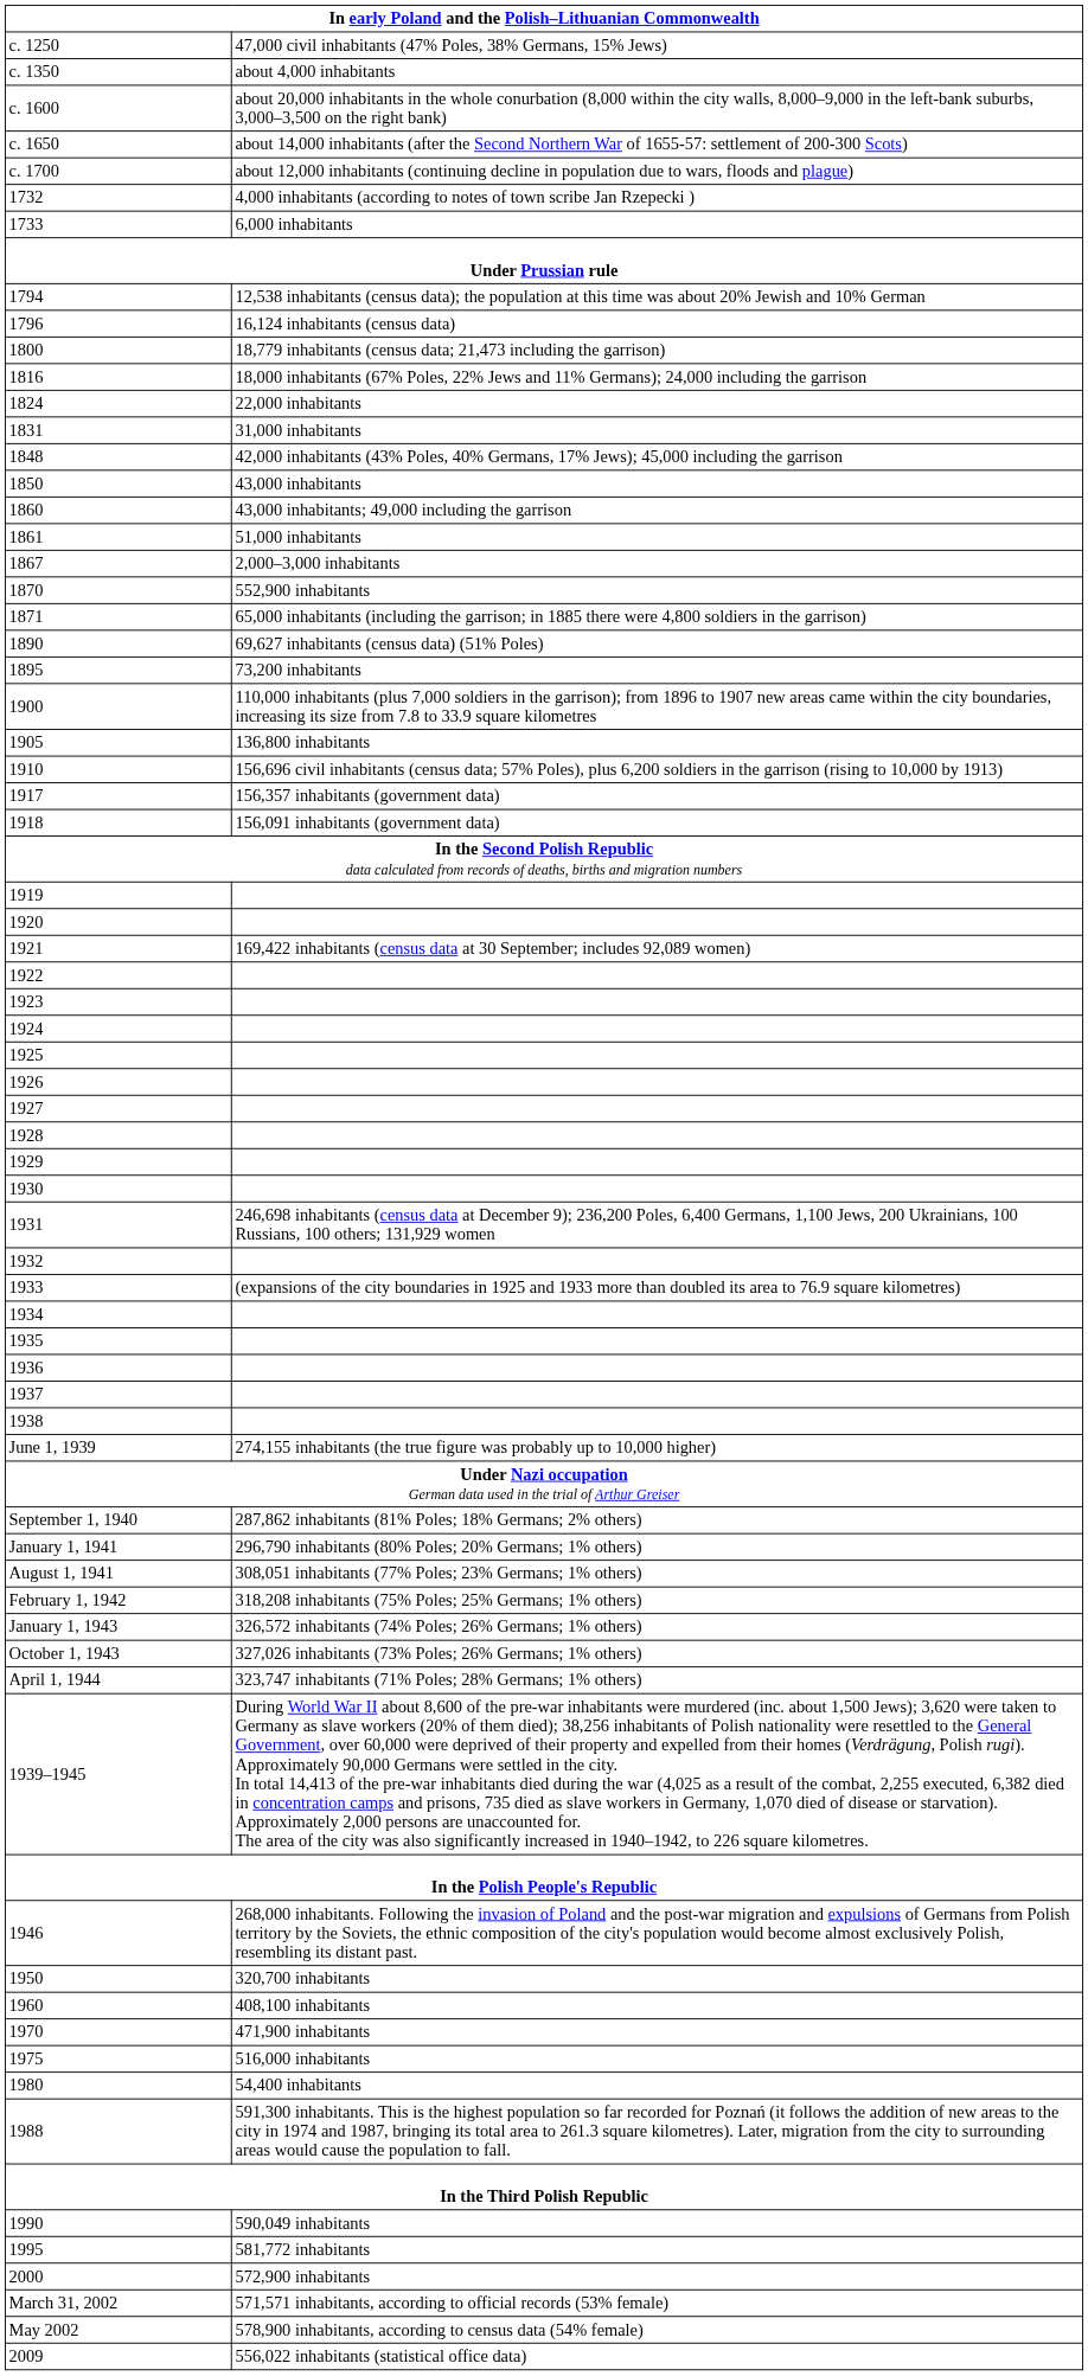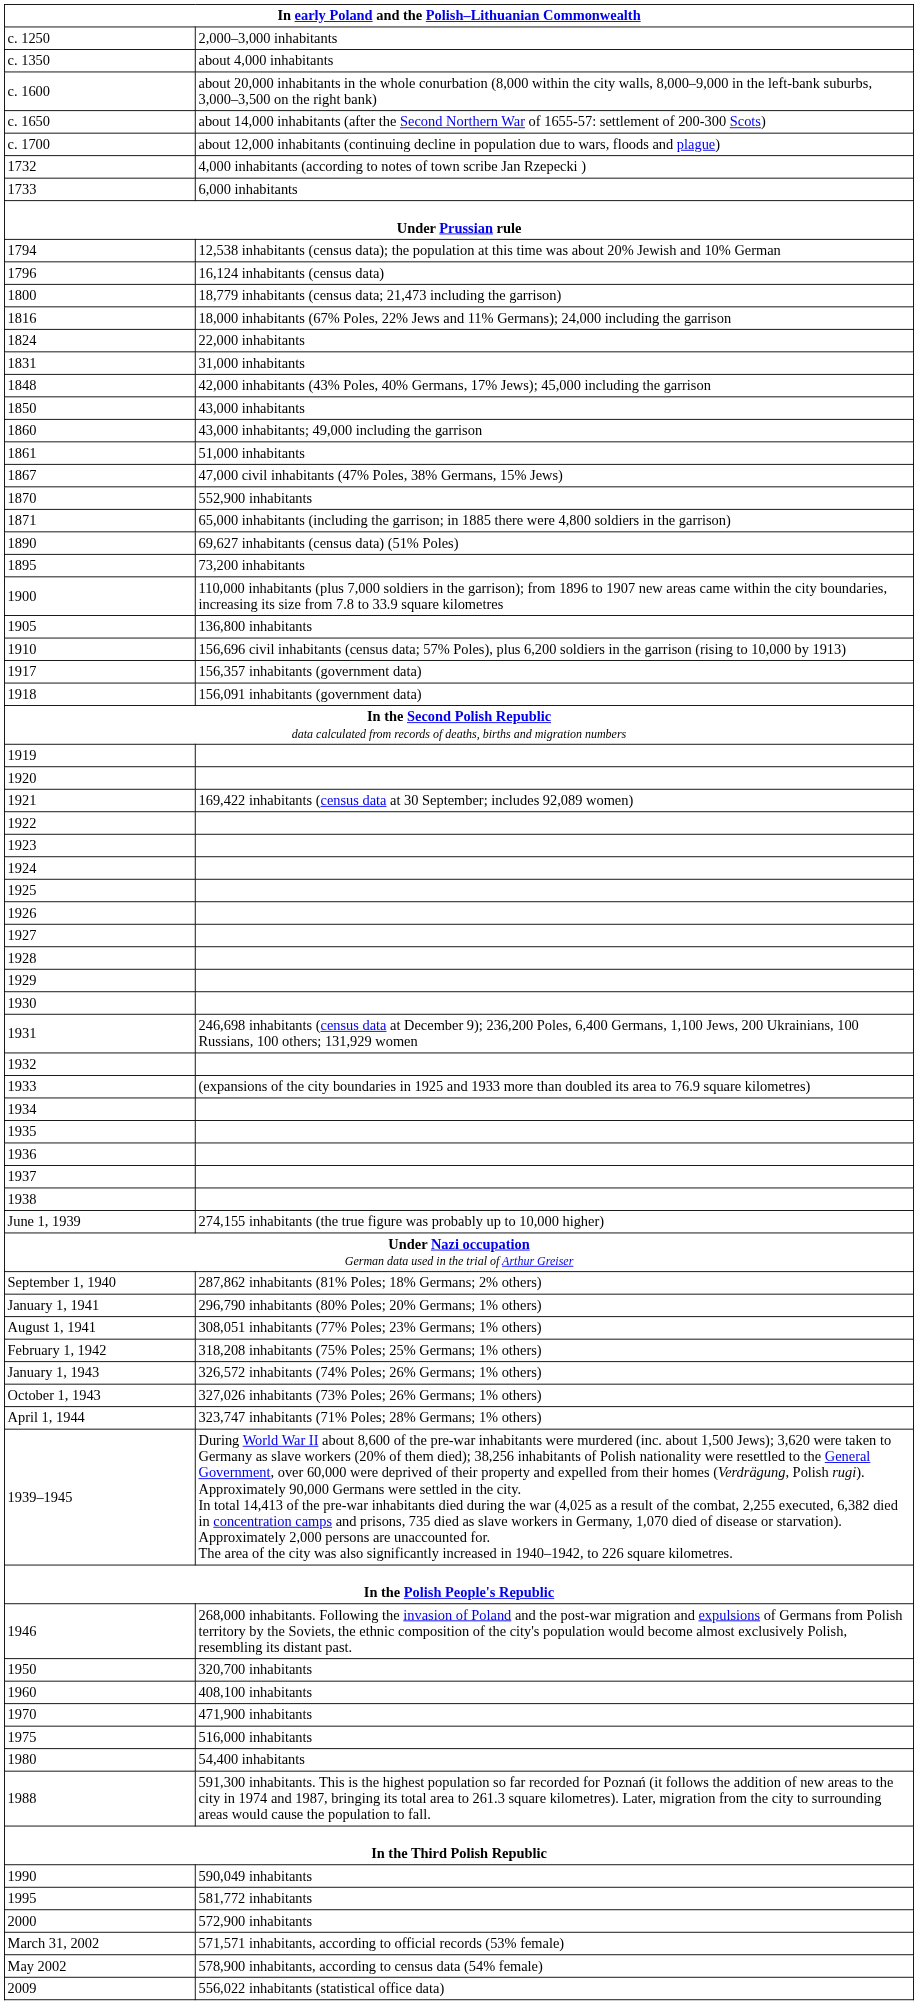 <table style="border: 1px black solid; border-collapse: collapse;" rules=all cellspacing=0 cellpadding=3 width="80%">
 <tr>
 <td width="100%" colspan="2" style="text-align: center;"><strong>In <a href='#'>early Poland</a> and the <a href='#'>Polish–Lithuanian Commonwealth</a></strong></td>
 </tr>
 <tr>
 <td width="21%">c. 1250</td>
-<td width="79%">47,000 civil inhabitants (47% Poles, 38% Germans, 15% Jews)</td>
+<td width="79%">2,000–3,000 inhabitants</td>
 </tr>
 <tr>
 <td width="21%">c. 1350</td>
 <td width="79%">about 4,000 inhabitants</td>
 </tr>
 <tr>
 <td width="21%">c. 1600</td>
 <td width="79%">about 20,000 inhabitants in the whole conurbation (8,000 within the city walls, 8,000–9,000 in the left-bank suburbs, 3,000–3,500 on the right bank)</td>
 </tr>
 <tr>
 <td width="21%">c. 1650</td>
 <td width="79%">about 14,000 inhabitants (after the <a href='#'>Second Northern War</a> of 1655-57: settlement of 200-300 <a href='#'>Scots</a>)</td>
 </tr>
 <tr>
 <td width="21%">c. 1700</td>
 <td width="79%">about 12,000 inhabitants (continuing decline in population due to wars, floods and <a href='#'>plague</a>)</td>
 </tr>
 <tr>
 <td width="21%">1732</td>
 <td width="79%">4,000 inhabitants (according to notes of town scribe Jan Rzepecki )</td>
 </tr>
 <tr>
 <td width="21%">1733</td>
 <td width="79%">6,000 inhabitants</td>
 </tr>
 <tr>
 <td width="100%" colspan="2" style="text-align: center;"><br><strong>Under <a href='#'>Prussian</a> rule</strong></td>
 </tr>
 <tr>
 <td width="21%">1794</td>
 <td width="79%">12,538 inhabitants (census data); the population at this time was about 20% Jewish and 10% German</td>
 </tr>
 <tr>
 <td width="21%">1796</td>
 <td width="79%">16,124 inhabitants (census data)</td>
 </tr>
 <tr>
 <td width="21%">1800</td>
 <td width="79%">18,779 inhabitants (census data; 21,473 including the garrison)</td>
 </tr>
 <tr>
 <td width="21%">1816</td>
 <td width="79%">18,000 inhabitants (67% Poles, 22% Jews and 11% Germans); 24,000 including the garrison</td>
 </tr>
 <tr>
 <td width="21%">1824</td>
 <td width="79%">22,000 inhabitants</td>
 </tr>
 <tr>
 <td width="21%">1831</td>
 <td width="79%">31,000 inhabitants</td>
 </tr>
 <tr>
 <td width="21%">1848</td>
 <td width="79%">42,000 inhabitants (43% Poles, 40% Germans, 17% Jews); 45,000 including the garrison</td>
 </tr>
 <tr>
 <td width="21%">1850</td>
 <td width="79%">43,000 inhabitants</td>
 </tr>
 <tr>
 <td width="21%">1860</td>
 <td width="79%">43,000 inhabitants; 49,000 including the garrison</td>
 </tr>
 <tr>
 <td width="21%">1861</td>
 <td width="79%">51,000 inhabitants</td>
 </tr>
 <tr>
 <td width="21%">1867</td>
-<td width="79%">2,000–3,000 inhabitants</td>
+<td width="79%">47,000 civil inhabitants (47% Poles, 38% Germans, 15% Jews)</td>
 </tr>
 <tr>
 <td width="21%">1870</td>
 <td width="79%">552,900 inhabitants</td>
 </tr>
 <tr>
 <td width="21%">1871</td>
 <td width="79%">65,000 inhabitants (including the garrison; in 1885 there were 4,800 soldiers in the garrison)</td>
 </tr>
 <tr>
 <td width="21%">1890</td>
 <td width="79%">69,627 inhabitants (census data) (51% Poles)</td>
 </tr>
 <tr>
 <td width="21%">1895</td>
 <td width="79%">73,200 inhabitants</td>
 </tr>
 <tr>
 <td width="21%">1900</td>
 <td width="79%">110,000 inhabitants (plus 7,000 soldiers in the garrison); from 1896 to 1907 new areas came within the city boundaries, increasing its size from 7.8 to 33.9 square kilometres</td>
 </tr>
 <tr>
 <td width="21%">1905</td>
 <td width="79%">136,800 inhabitants</td>
 </tr>
 <tr>
 <td width="21%">1910</td>
 <td width="79%">156,696 civil inhabitants (census data; 57% Poles), plus 6,200 soldiers in the garrison (rising to 10,000 by 1913)</td>
 </tr>
 <tr>
 <td width="21%">1917</td>
 <td width="79%">156,357 inhabitants (government data)</td>
 </tr>
 <tr>
 <td width="21%">1918</td>
 <td width="79%">156,091 inhabitants (government data)</td>
 </tr>
 <tr>
 <td width="100%" colspan="2" align="center"><strong>In the <a href='#'>Second Polish Republic</a></strong><br><small><em>data calculated from records of deaths, births and migration numbers</em></small></td>
 </tr>
 <tr>
 <td width="21%">1919</td>
 <td width="79%"></td>
 </tr>
 <tr>
 <td width="21%">1920</td>
 <td width="79%"></td>
 </tr>
 <tr>
 <td width="21%">1921</td>
 <td width="79%">169,422 inhabitants (<a href='#'>census data</a> at 30 September; includes 92,089 women)</td>
 </tr>
 <tr>
 <td width="21%">1922</td>
 <td width="79%"></td>
 </tr>
 <tr>
 <td width="21%">1923</td>
 <td width="79%"></td>
 </tr>
 <tr>
 <td width="21%">1924</td>
 <td width="79%"></td>
 </tr>
 <tr>
 <td width="21%">1925</td>
 <td width="79%"></td>
 </tr>
 <tr>
 <td width="21%">1926</td>
 <td width="79%"></td>
 </tr>
 <tr>
 <td width="21%">1927</td>
 <td width="79%"></td>
 </tr>
 <tr>
 <td width="21%">1928</td>
 <td width="79%"></td>
 </tr>
 <tr>
 <td width="21%">1929</td>
 <td width="79%"></td>
 </tr>
 <tr>
 <td width="21%">1930</td>
 <td width="79%"></td>
 </tr>
 <tr>
 <td width="21%">1931</td>
 <td width="79%">246,698 inhabitants (<a href='#'>census data</a> at December 9); 236,200 Poles, 6,400 Germans, 1,100 Jews, 200 Ukrainians, 100 Russians, 100 others; 131,929 women</td>
 </tr>
 <tr>
 <td width="21%">1932</td>
 <td width="79%"></td>
 </tr>
 <tr>
 <td width="21%">1933</td>
 <td width="79%"> (expansions of the city boundaries in 1925 and 1933 more than doubled its area to 76.9 square kilometres)</td>
 </tr>
 <tr>
 <td width="21%">1934</td>
 <td width="79%"></td>
 </tr>
 <tr>
 <td width="21%">1935</td>
 <td width="79%"></td>
 </tr>
 <tr>
 <td width="21%">1936</td>
 <td width="79%"></td>
 </tr>
 <tr>
 <td width="21%">1937</td>
 <td width="79%"></td>
 </tr>
 <tr>
 <td width="21%">1938</td>
 <td width="79%"></td>
 </tr>
 <tr>
 <td width="21%">June 1, 1939</td>
 <td width="79%">274,155 inhabitants (the true figure was probably up to 10,000 higher)</td>
 </tr>
 <tr>
 <td width="100%" colspan="2" align="center"><strong>Under <a href='#'> Nazi occupation</a></strong><br><small><em>German data used in the trial of <a href='#'>Arthur Greiser</a></em></small></td>
 </tr>
 <tr>
 <td width="21%">September 1, 1940</td>
 <td width="79%">287,862 inhabitants (81% Poles; 18% Germans; 2% others)</td>
 </tr>
 <tr>
 <td width="21%">January 1, 1941</td>
 <td width="79%">296,790 inhabitants (80% Poles; 20% Germans; 1% others)</td>
 </tr>
 <tr>
 <td width="21%">August 1, 1941</td>
 <td width="79%">308,051 inhabitants (77% Poles; 23% Germans; 1% others)</td>
 </tr>
 <tr>
 <td width="21%">February 1, 1942</td>
 <td width="79%">318,208 inhabitants (75% Poles; 25% Germans; 1% others)</td>
 </tr>
 <tr>
 <td width="21%">January 1, 1943</td>
 <td width="79%">326,572 inhabitants (74% Poles; 26% Germans; 1% others)</td>
 </tr>
 <tr>
 <td width="21%">October 1, 1943</td>
 <td width="79%">327,026 inhabitants (73% Poles; 26% Germans; 1% others)</td>
 </tr>
 <tr>
 <td width="21%">April 1, 1944</td>
 <td width="79%">323,747 inhabitants (71% Poles; 28% Germans; 1% others)</td>
 </tr>
 <tr>
 <td width="21%">1939–1945</td>
 <td width="79%">During <a href='#'>World War II</a> about 8,600 of the pre-war inhabitants were murdered (inc. about 1,500 Jews); 3,620 were taken to Germany as slave workers (20% of them died); 38,256 inhabitants of Polish nationality were resettled to the <a href='#'>General Government</a>, over 60,000 were deprived of their property and expelled from their homes (<em>Verdrägung</em>, Polish <em>rugi</em>). Approximately 90,000 Germans were settled in the city.<br>In total 14,413 of the pre-war inhabitants died during the war (4,025 as a result of the combat, 2,255 executed, 6,382 died in <a href='#'>concentration camps</a> and prisons, 735 died as slave workers in Germany, 1,070 died of disease or starvation). Approximately 2,000 persons are unaccounted for.<br>The area of the city was also significantly increased in 1940–1942, to 226 square kilometres.</td>
 </tr>
 <tr>
 <td width="100%" colspan="2" style="text-align: center;"><br><strong>In the <a href='#'>Polish People's Republic</a></strong></td>
 </tr>
 <tr>
 <td width="21%">1946</td>
 <td width="79%">268,000 inhabitants. Following the <a href='#'>invasion of Poland</a> and the post-war migration and <a href='#'>expulsions</a> of Germans from Polish territory by the Soviets, the ethnic composition of the city's population would become almost exclusively Polish, resembling its distant past.</td>
 </tr>
 <tr>
 <td width="21%">1950</td>
 <td width="79%">320,700 inhabitants</td>
 </tr>
 <tr>
 <td width="21%">1960</td>
 <td width="79%">408,100 inhabitants</td>
 </tr>
 <tr>
 <td width="21%">1970</td>
 <td width="79%">471,900 inhabitants</td>
 </tr>
 <tr>
 <td width="21%">1975</td>
 <td width="79%">516,000 inhabitants</td>
 </tr>
 <tr>
 <td width="21%">1980</td>
 <td width="79%">54,400 inhabitants</td>
 </tr>
 <tr>
 <td width="21%">1988</td>
 <td width="79%">591,300 inhabitants. This is the highest population so far recorded for Poznań (it follows the addition of new areas to the city in 1974 and 1987, bringing its total area to 261.3 square kilometres). Later, migration from the city to surrounding areas would cause the population to fall.</td>
 </tr>
 <tr>
 <td width="100%" colspan="2" style="text-align: center;"><br><strong>In the Third Polish Republic</strong></td>
 </tr>
 <tr>
 <td width="21%">1990</td>
 <td width="79%">590,049 inhabitants</td>
 </tr>
 <tr>
 <td width="21%">1995</td>
 <td width="79%">581,772 inhabitants</td>
 </tr>
 <tr>
 <td width="21%">2000</td>
 <td width="79%">572,900 inhabitants</td>
 </tr>
 <tr>
 <td width="21%">March 31, 2002</td>
 <td width="79%">571,571 inhabitants, according to official records (53% female)</td>
 </tr>
 <tr>
 <td width="21%">May 2002</td>
 <td width="79%">578,900 inhabitants, according to census data (54% female)</td>
 </tr>
 <tr>
 <td width="21%">2009</td>
 <td width="79%">556,022 inhabitants (statistical office data)</td>
 </tr>
 </table>
